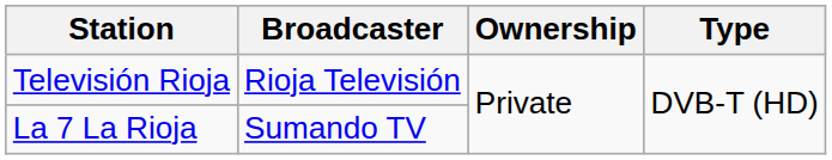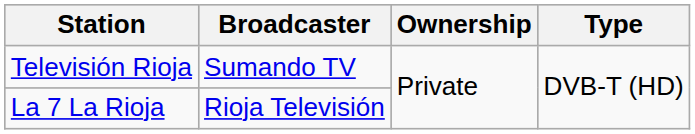 <table class="wikitable">
 <tr>
 <th>Station</th>
 <th>Broadcaster</th>
 <th>Ownership</th>
 <th>Type</th>
 </tr>
 <tr>
 <td><a href='#'>Televisión Rioja</a></td>
-<td><a href='#'>Rioja Televisión</a></td>
+<td><a href='#'>Sumando TV</a></td>
 <td rowspan="2">Private</td>
 <td rowspan="2">DVB-T (HD)</td>
 </tr>
 <tr>
 <td><a href='#'>La 7 La Rioja</a></td>
-<td><a href='#'>Sumando TV</a></td>
+<td><a href='#'>Rioja Televisión</a></td>
 </tr>
 </table>
